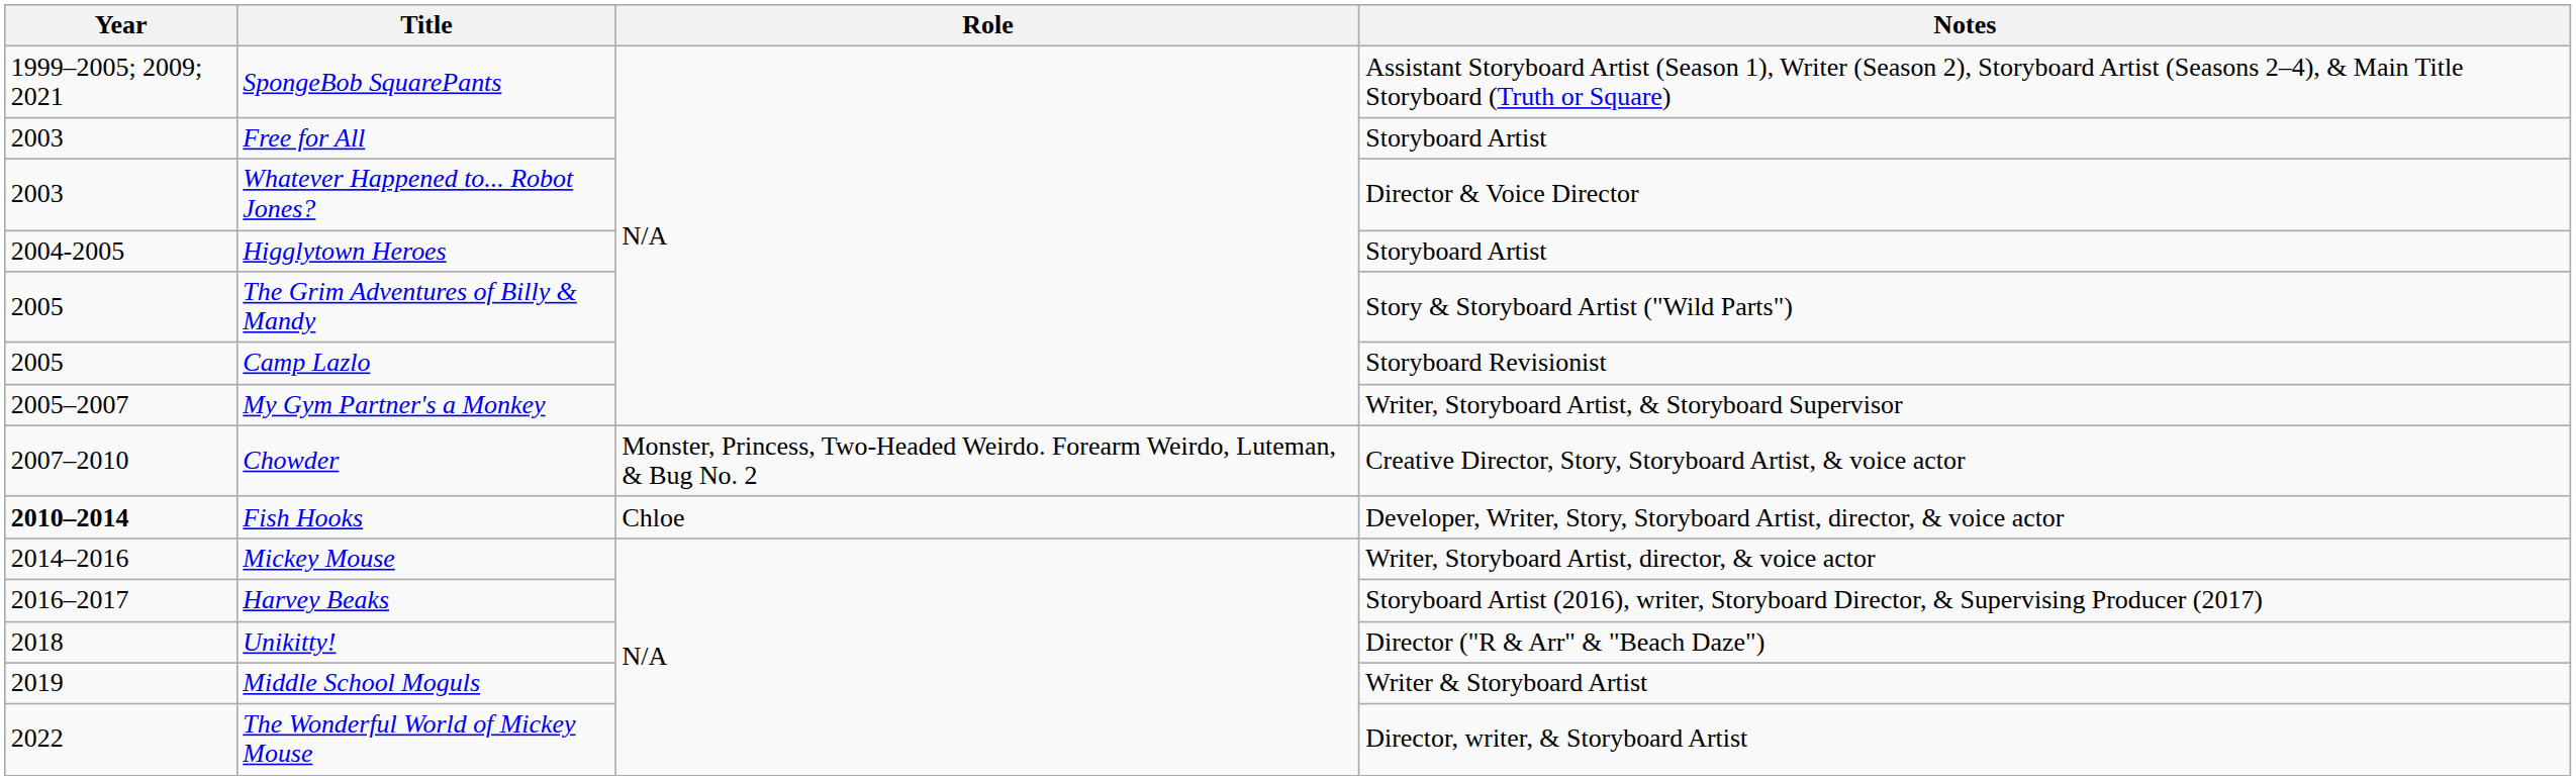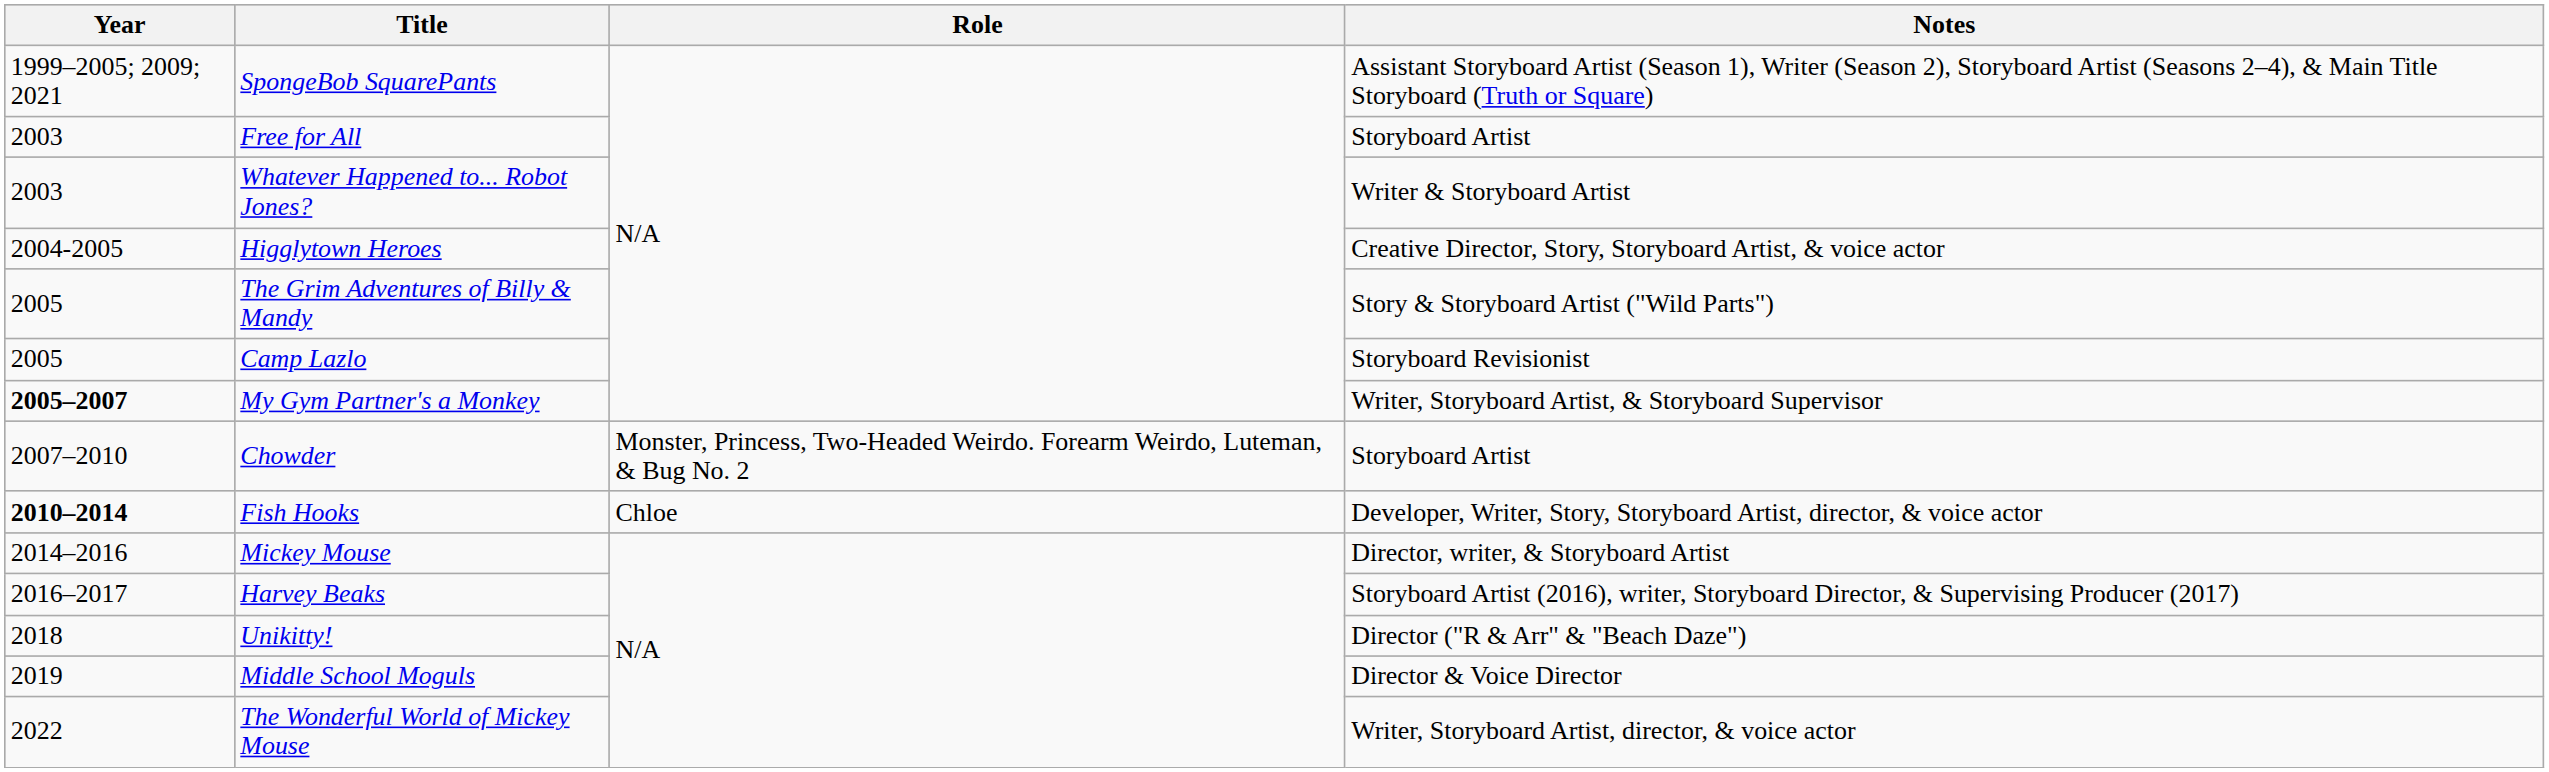 <table class="wikitable sortable">
 <tr>
 <th>Year</th>
 <th>Title</th>
 <th>Role</th>
 <th>Notes</th>
 </tr>
 <tr>
 <td>1999–2005; 2009; 2021</td>
 <td><em><a href='#'>SpongeBob SquarePants</a></em></td>
 <td rowspan="7">N/A</td>
 <td>Assistant Storyboard Artist (Season 1), Writer (Season 2), Storyboard Artist (Seasons 2–4), & Main Title Storyboard (<a href='#'>Truth or Square</a>)</td>
 </tr>
 <tr>
 <td>2003</td>
 <td><em><a href='#'>Free for All</a></em></td>
 <td>Storyboard Artist</td>
 </tr>
 <tr>
 <td>2003</td>
 <td><em><a href='#'>Whatever Happened to... Robot Jones?</a></em></td>
-<td>Director & Voice Director</td>
+<td>Writer & Storyboard Artist</td>
 </tr>
 <tr>
 <td>2004-2005</td>
 <td><em><a href='#'>Higglytown Heroes</a></em></td>
-<td>Storyboard Artist</td>
+<td>Creative Director, Story, Storyboard Artist, & voice actor</td>
 </tr>
 <tr>
 <td>2005</td>
 <td><em><a href='#'>The Grim Adventures of Billy & Mandy</a></em></td>
 <td>Story & Storyboard Artist ("Wild Parts")</td>
 </tr>
 <tr>
 <td>2005</td>
 <td><em><a href='#'>Camp Lazlo</a></em></td>
 <td>Storyboard Revisionist</td>
 </tr>
 <tr>
-<td>2005–2007</td>
+<td><strong>2005–2007</strong></td>
 <td><em><a href='#'>My Gym Partner's a Monkey</a></em></td>
 <td>Writer, Storyboard Artist, & Storyboard Supervisor</td>
 </tr>
 <tr>
 <td>2007–2010</td>
 <td><em><a href='#'>Chowder</a></em></td>
 <td>Monster, Princess, Two-Headed Weirdo. Forearm Weirdo, Luteman, & Bug No. 2</td>
-<td>Creative Director, Story, Storyboard Artist, & voice actor</td>
+<td>Storyboard Artist</td>
 </tr>
 <tr>
 <td><strong>2010–2014</strong></td>
 <td><em><a href='#'>Fish Hooks</a></em></td>
 <td>Chloe</td>
 <td>Developer, Writer, Story, Storyboard Artist, director, & voice actor</td>
 </tr>
 <tr>
 <td>2014–2016</td>
 <td><em><a href='#'>Mickey Mouse</a></em></td>
 <td rowspan="5">N/A</td>
-<td>Writer, Storyboard Artist, director, & voice actor</td>
+<td>Director, writer, & Storyboard Artist</td>
 </tr>
 <tr>
 <td>2016–2017</td>
 <td><em><a href='#'>Harvey Beaks</a></em></td>
 <td>Storyboard Artist (2016), writer, Storyboard Director, & Supervising Producer (2017)</td>
 </tr>
 <tr>
 <td>2018</td>
 <td><em><a href='#'>Unikitty!</a></em></td>
 <td>Director ("R & Arr" & "Beach Daze")</td>
 </tr>
 <tr>
 <td>2019</td>
 <td><em><a href='#'>Middle School Moguls</a></em></td>
-<td>Writer & Storyboard Artist</td>
+<td>Director & Voice Director</td>
 </tr>
 <tr>
 <td>2022</td>
 <td><em><a href='#'>The Wonderful World of Mickey Mouse</a></em></td>
-<td>Director, writer, & Storyboard Artist</td>
+<td>Writer, Storyboard Artist, director, & voice actor</td>
 </tr>
 </table>
